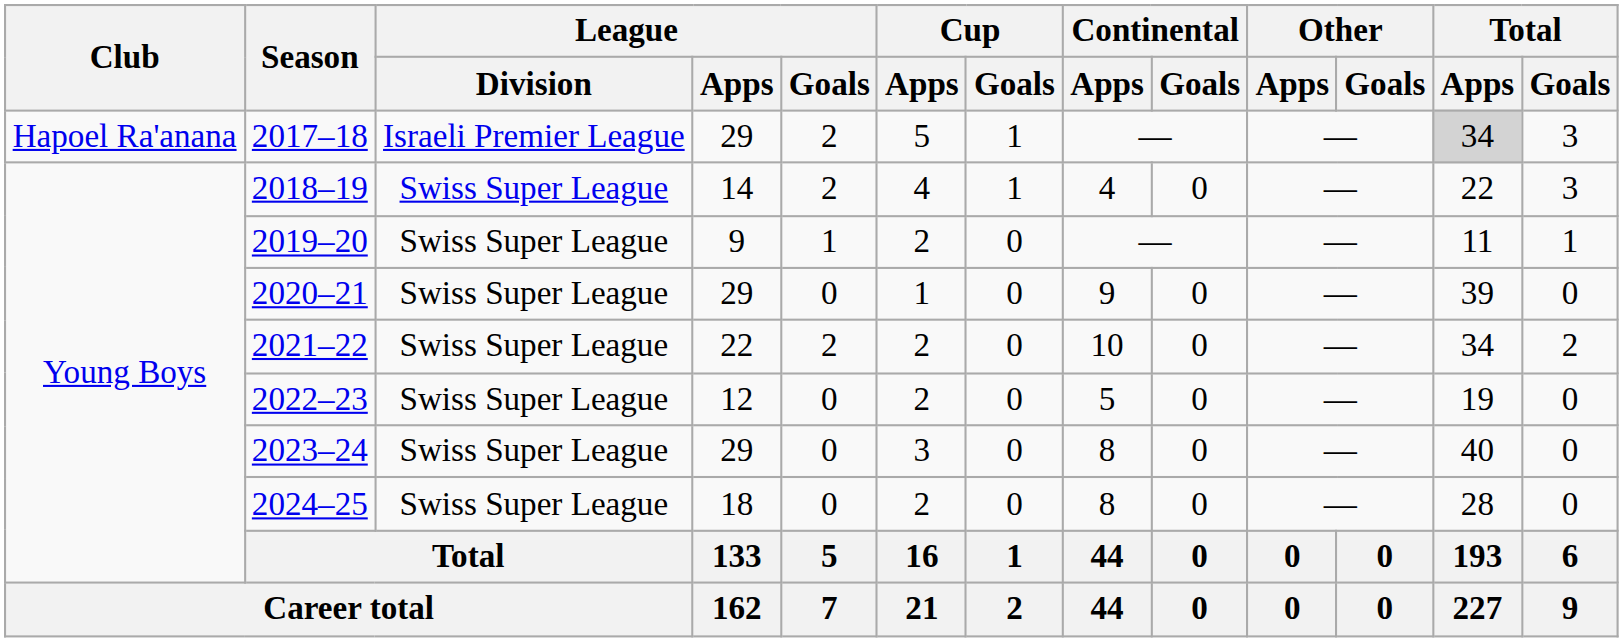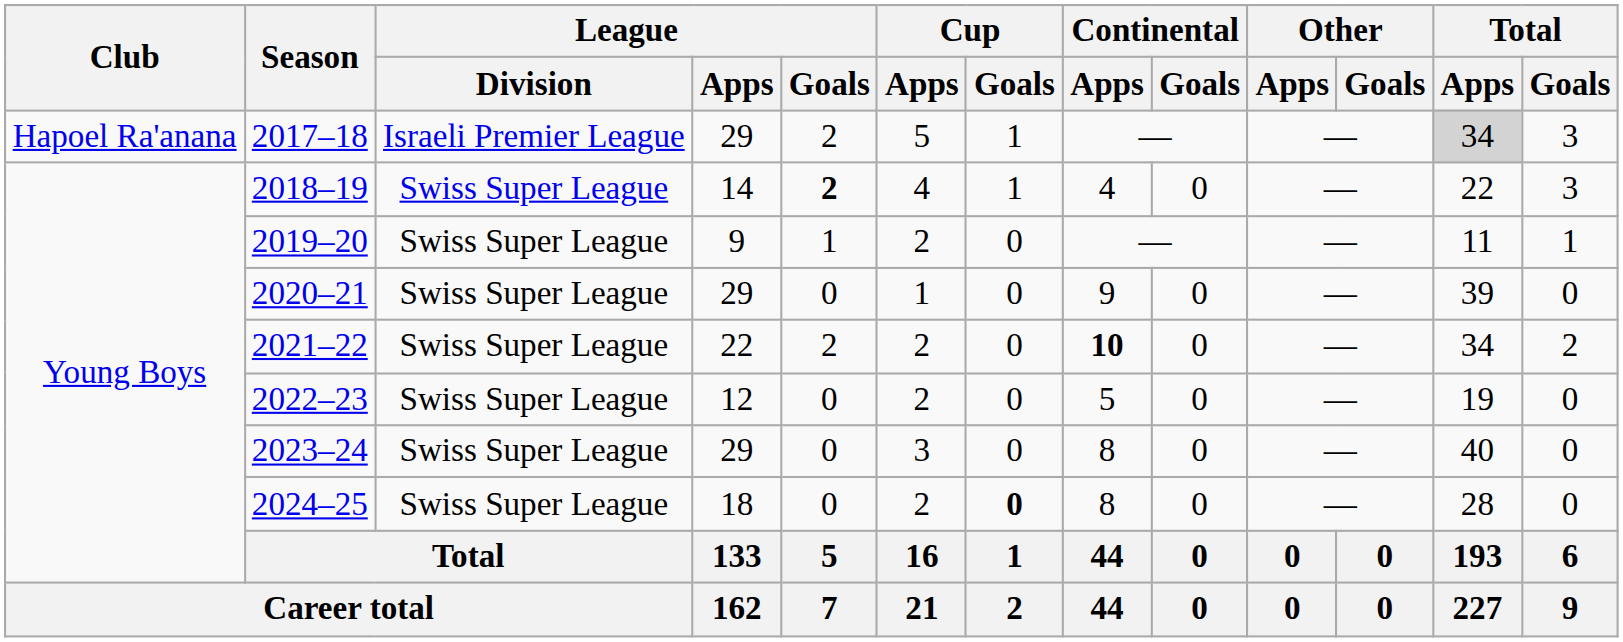 <table class="wikitable" style="text-align:center">
 <tr>
 <th rowspan="2">Club</th>
 <th rowspan="2">Season</th>
 <th colspan="3">League</th>
 <th colspan="2">Cup</th>
 <th colspan="2">Continental</th>
 <th colspan="2">Other</th>
 <th colspan="2">Total</th>
 </tr>
 <tr>
 <th>Division</th>
 <th>Apps</th>
 <th>Goals</th>
 <th>Apps</th>
 <th>Goals</th>
 <th>Apps</th>
 <th>Goals</th>
 <th>Apps</th>
 <th>Goals</th>
 <th>Apps</th>
 <th>Goals</th>
 </tr>
 <tr>
 <td><a href='#'>Hapoel Ra'anana</a></td>
 <td><a href='#'>2017–18</a></td>
 <td><a href='#'>Israeli Premier League</a></td>
 <td>29</td>
 <td>2</td>
 <td>5</td>
 <td>1</td>
 <td colspan="2">—</td>
 <td colspan="2">—</td>
 <td style="background: lightgrey;">34</td>
 <td>3</td>
 </tr>
 <tr>
 <td rowspan="8"><a href='#'>Young Boys</a></td>
 <td><a href='#'>2018–19</a></td>
 <td><a href='#'>Swiss Super League</a></td>
 <td>14</td>
-<td>2</td>
+<td><strong>2</strong></td>
 <td>4</td>
 <td>1</td>
 <td>4</td>
 <td>0</td>
 <td colspan="2">—</td>
 <td>22</td>
 <td>3</td>
 </tr>
 <tr>
 <td><a href='#'>2019–20</a></td>
 <td>Swiss Super League</td>
 <td>9</td>
 <td>1</td>
 <td>2</td>
 <td>0</td>
 <td colspan="2">—</td>
 <td colspan="2">—</td>
 <td>11</td>
 <td>1</td>
 </tr>
 <tr>
 <td><a href='#'>2020–21</a></td>
 <td>Swiss Super League</td>
 <td>29</td>
 <td>0</td>
 <td>1</td>
 <td>0</td>
 <td>9</td>
 <td>0</td>
 <td colspan="2">—</td>
 <td>39</td>
 <td>0</td>
 </tr>
 <tr>
 <td><a href='#'>2021–22</a></td>
 <td>Swiss Super League</td>
 <td>22</td>
 <td>2</td>
 <td>2</td>
 <td>0</td>
-<td>10</td>
+<td><strong>10</strong></td>
 <td>0</td>
 <td colspan="2">—</td>
 <td>34</td>
 <td>2</td>
 </tr>
 <tr>
 <td><a href='#'>2022–23</a></td>
 <td>Swiss Super League</td>
 <td>12</td>
 <td>0</td>
 <td>2</td>
 <td>0</td>
 <td>5</td>
 <td>0</td>
 <td colspan="2">—</td>
 <td>19</td>
 <td>0</td>
 </tr>
 <tr>
 <td><a href='#'>2023–24</a></td>
 <td>Swiss Super League</td>
 <td>29</td>
 <td>0</td>
 <td>3</td>
 <td>0</td>
 <td>8</td>
 <td>0</td>
 <td colspan="2">—</td>
 <td>40</td>
 <td>0</td>
 </tr>
 <tr>
 <td><a href='#'>2024–25</a></td>
 <td>Swiss Super League</td>
 <td>18</td>
 <td>0</td>
 <td>2</td>
-<td>0</td>
+<td><strong>0</strong></td>
 <td>8</td>
 <td>0</td>
 <td colspan="2">—</td>
 <td>28</td>
 <td>0</td>
 </tr>
 <tr>
 <th colspan="2">Total</th>
 <th>133</th>
 <th>5</th>
 <th>16</th>
 <th>1</th>
 <th>44</th>
 <th>0</th>
 <th>0</th>
 <th>0</th>
 <th>193</th>
 <th>6</th>
 </tr>
 <tr>
 <th colspan="3">Career total</th>
 <th>162</th>
 <th>7</th>
 <th>21</th>
 <th>2</th>
 <th>44</th>
 <th>0</th>
 <th>0</th>
 <th>0</th>
 <th>227</th>
 <th>9</th>
 </tr>
 </table>
